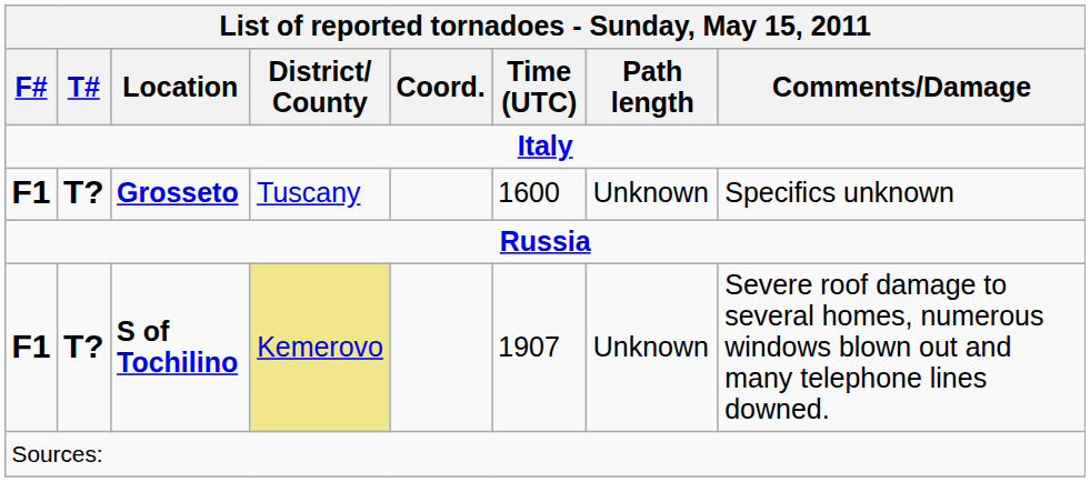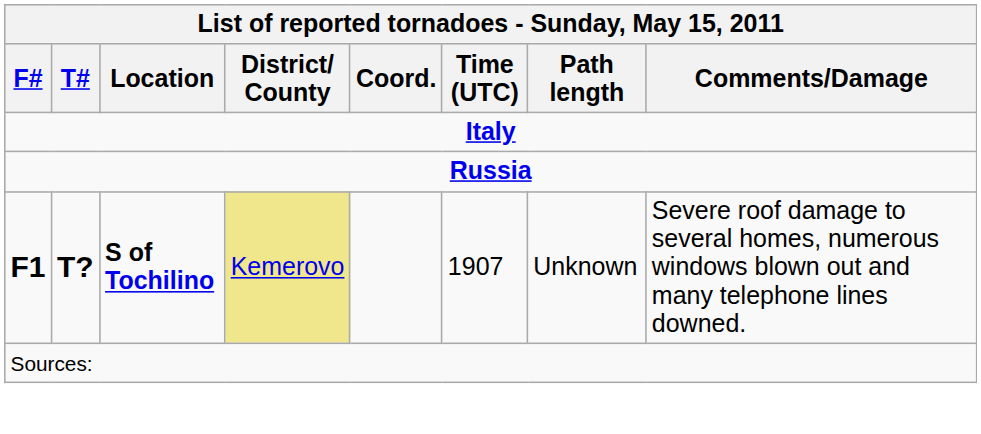 <table class="wikitable collapsible" width="100%">
 <tr>
 <th colspan="8">List of reported tornadoes - Sunday, May 15, 2011</th>
 </tr>
 <tr>
 <th><a href='#'>F#</a></th>
 <th><a href='#'>T#</a></th>
 <th>Location</th>
 <th>District/<br>County</th>
 <th>Coord.</th>
 <th>Time (UTC)</th>
 <th>Path length</th>
 <th>Comments/Damage</th>
 </tr>
 <tr>
 <td colspan="8" align=center><strong><a href='#'>Italy</a></strong></td>
 </tr>
 <tr>
-<td><big><strong>F1</strong></big></td>
-<td><big><strong>T?</strong></big></td>
-<td><strong><a href='#'>Grosseto</a></strong></td>
-<td><a href='#'>Tuscany</a></td>
-<td></td>
-<td>1600</td>
-<td>Unknown</td>
-<td>Specifics unknown</td>
-</tr>
-<tr>
 <td colspan="8" align=center><strong><a href='#'>Russia</a></strong></td>
 </tr>
 <tr>
 <td><big><strong>F1</strong></big></td>
 <td><big><strong>T?</strong></big></td>
 <td><strong>S of <a href='#'>Tochilino</a></strong></td>
 <td style="background: khaki;"><a href='#'>Kemerovo</a></td>
 <td></td>
 <td>1907</td>
 <td>Unknown</td>
 <td>Severe roof damage to several homes, numerous windows blown out and many telephone lines downed.</td>
 </tr>
 <tr>
 <td colspan="8"><small>Sources:  </small></td>
 </tr>
 </table>
